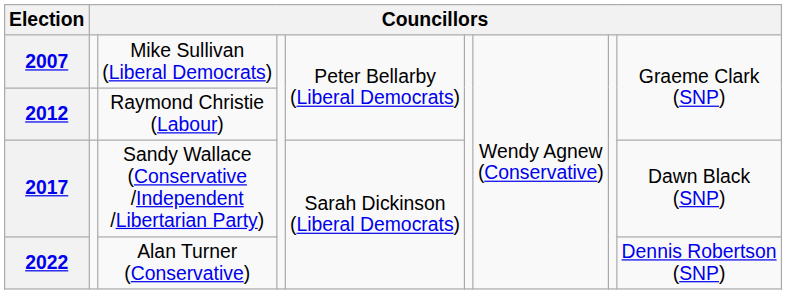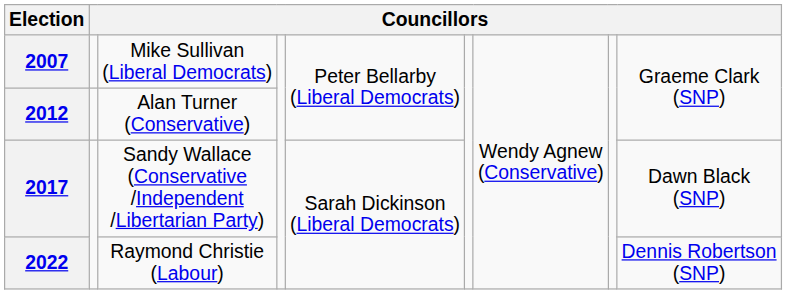 <table class="wikitable" style="text-align:center">
 <tr>
 <th>Election</th>
 <th colspan=8>Councillors</th>
 </tr>
 <tr>
 <th><a href='#'>2007</a></th>
 <td rowspan=1; style="background-color: "></td>
 <td rowspan=1>Mike Sullivan<br>(<a href='#'>Liberal Democrats</a>)</td>
 <td rowspan=5; style="background-color: "></td>
 <td rowspan=2>Peter Bellarby<br>(<a href='#'>Liberal Democrats</a>)</td>
 <td rowspan=5; style="background-color: "></td>
 <td rowspan=4>Wendy Agnew<br>(<a href='#'>Conservative</a>)</td>
 <td rowspan=5; style="background-color: "></td>
 <td rowspan=2>Graeme Clark<br>(<a href='#'>SNP</a>)</td>
 </tr>
 <tr>
 <th><a href='#'>2012</a></th>
 <td rowspan=1; style="background-color: "></td>
-<td rowspan=1>Raymond Christie<br>(<a href='#'>Labour</a>)</td>
+<td rowspan=1>Alan Turner<br>(<a href='#'>Conservative</a>)</td>
 </tr>
 <tr>
 <th><a href='#'>2017</a></th>
 <td rowspan=2; style="background-color: "></td>
 <td rowspan=1>Sandy Wallace<br>(<a href='#'>Conservative</a><br>/<a href='#'>Independent</a><br>/<a href='#'>Libertarian Party</a>)</td>
 <td rowspan=4>Sarah Dickinson<br>(<a href='#'>Liberal Democrats</a>)</td>
 <td rowspan=1>Dawn Black<br>(<a href='#'>SNP</a>)</td>
 </tr>
 <tr>
 <th><a href='#'>2022</a></th>
-<td rowspan=1>Alan Turner<br>(<a href='#'>Conservative</a>)</td>
+<td rowspan=1>Raymond Christie<br>(<a href='#'>Labour</a>)</td>
 <td rowspan=1><a href='#'>Dennis Robertson</a><br>(<a href='#'>SNP</a>)</td>
 </tr>
 </table>
